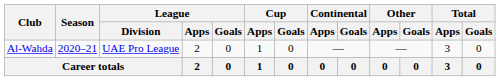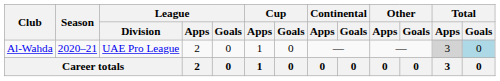 <table class="wikitable" style="text-align: center">
 <tr>
 <th rowspan="2">Club</th>
 <th rowspan="2">Season</th>
 <th colspan="3">League</th>
 <th colspan="2">Cup</th>
 <th colspan="2">Continental</th>
 <th colspan="2">Other</th>
 <th colspan="2">Total</th>
 </tr>
 <tr>
 <th>Division</th>
 <th>Apps</th>
 <th>Goals</th>
 <th>Apps</th>
 <th>Goals</th>
 <th>Apps</th>
 <th>Goals</th>
 <th>Apps</th>
 <th>Goals</th>
 <th>Apps</th>
 <th>Goals</th>
 </tr>
 <tr>
 <td rowspan=1><a href='#'>Al-Wahda</a></td>
 <td><a href='#'>2020–21</a></td>
 <td><a href='#'>UAE Pro League</a></td>
 <td>2</td>
 <td>0</td>
 <td>1</td>
 <td>0</td>
 <td colspan=2>—</td>
 <td colspan=2>—</td>
-<td>3</td>
-<td>0</td>
+<td style="background: lightgrey;">3</td>
+<td style="background: lightblue;">0</td>
 </tr>
 <tr>
 <th colspan=3>Career totals</th>
 <th>2</th>
 <th>0</th>
 <th>1</th>
 <th>0</th>
 <th>0</th>
 <th>0</th>
 <th>0</th>
 <th>0</th>
 <th>3</th>
 <th>0</th>
 </tr>
 </table>
